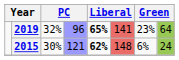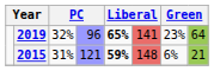 <table class="wikitable" style="width:400; font-size:90%; margin-left:1em;">
 <tr>
 <th colspan="2" scope="col">Year</th>
 <th colspan="2" scope="col"><a href='#'>PC</a></th>
 <th colspan="2" scope="col"><a href='#'>Liberal</a></th>
 <th colspan="2" scope="col"><a href='#'>Green</a></th>
 </tr>
 <tr>
 <td rowspan="2" style="width: 0.25em; background-color: "></td>
 <th><a href='#'>2019</a></th>
 <td>32%</td>
 <td style="text-align:right; background:#9999FF;">96</td>
 <td><strong>65%</strong></td>
 <td style="text-align:right; background:#EA6D6A;">141</td>
 <td>23%</td>
 <td style="text-align:right; background:#99C955;">64</td>
 </tr>
 <tr>
 <th><a href='#'>2015</a></th>
-<td>30%</td>
+<td>31%</td>
 <td style="text-align:right; background:#9999FF;">121</td>
-<td><strong>62%</strong></td>
+<td><strong>59%</strong></td>
 <td style="text-align:right; background:#EA6D6A;">148</td>
 <td>6%</td>
-<td style="text-align:right; background:#99C955;">24</td>
+<td style="text-align:right; background:#99C955;">21</td>
 </tr>
 <tr>
 </tr>
 </table>
